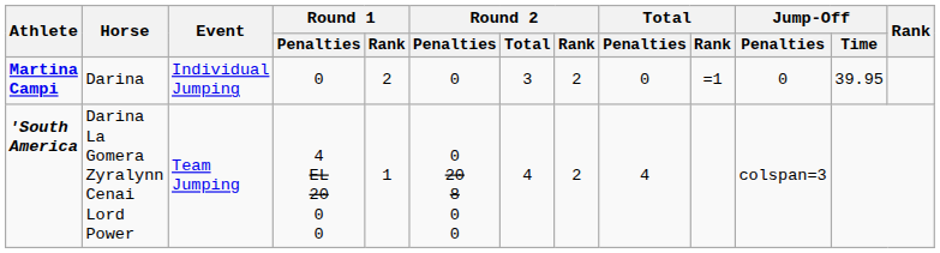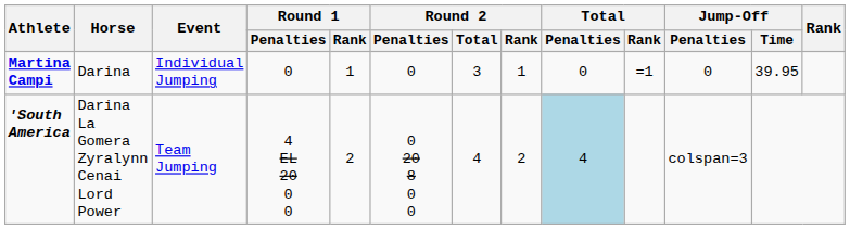 <table class="wikitable" border="1" style="font-size:90%">
 <tr>
 <th rowspan=2>Athlete</th>
 <th rowspan=2>Horse</th>
 <th rowspan=2>Event</th>
 <th colspan=2>Round 1</th>
 <th colspan=3>Round 2</th>
 <th colspan=2>Total</th>
 <th colspan=2>Jump-Off</th>
 <th rowspan=2>Rank</th>
 </tr>
 <tr style="font-size:95%">
 <th>Penalties</th>
 <th>Rank</th>
 <th>Penalties</th>
 <th>Total</th>
 <th>Rank</th>
 <th>Penalties</th>
 <th>Rank</th>
 <th>Penalties</th>
 <th>Time</th>
 </tr>
 <tr align=center>
 <td align=left><strong><a href='#'>Martina Campi</a></strong></td>
 <td align=left>Darina</td>
 <td align=left><a href='#'>Individual Jumping</a></td>
 <td>0</td>
-<td>2</td>
+<td>1</td>
 <td>0</td>
 <td>3</td>
-<td>2</td>
+<td>1</td>
 <td>0</td>
 <td>=1</td>
 <td>0</td>
 <td>39.95</td>
 <td></td>
 </tr>
 <tr align=center>
 <td align=left><strong><em>'South America<strong><br><br><br><br><br></strong></td>
 <td align=left valign=bottom>Darina<br>La Gomera<br>Zyralynn<br>Cenai<br>Lord Power</td>
 <td align=left><a href='#'>Team Jumping</a></td>
 <td valign=bottom>4<br><s>EL</s><br><s>20</s><br>0<br>0</td>
-<td>1</td>
+<td>2</td>
 <td valign=bottom>0<br><s>20</s><br><s>8</s><br>0<br>0</td>
 <td>4</td>
 <td>2</td>
-<td>4</td>
+<td style="background: lightblue;">4</td>
 <td></td>
 <td>colspan=3 </td>
 </tr>
 </table>
